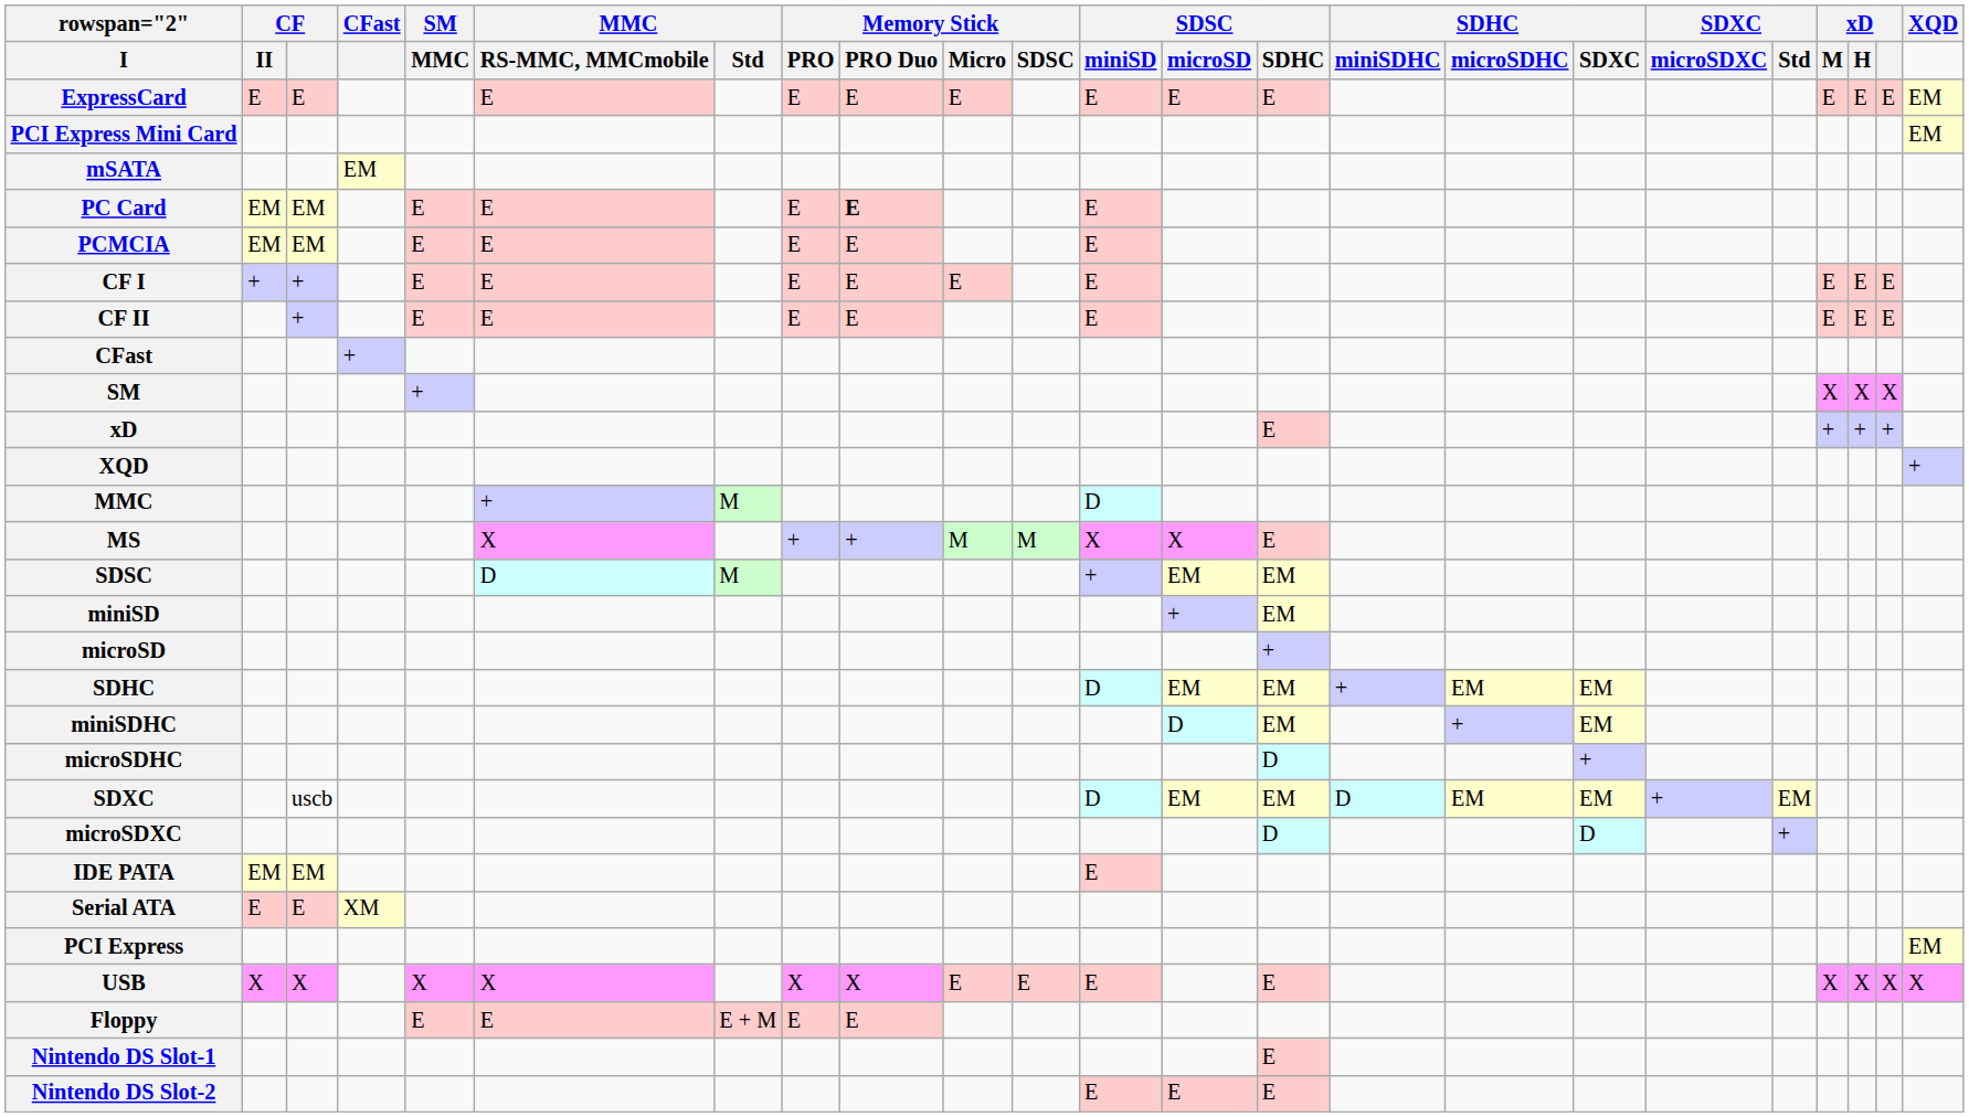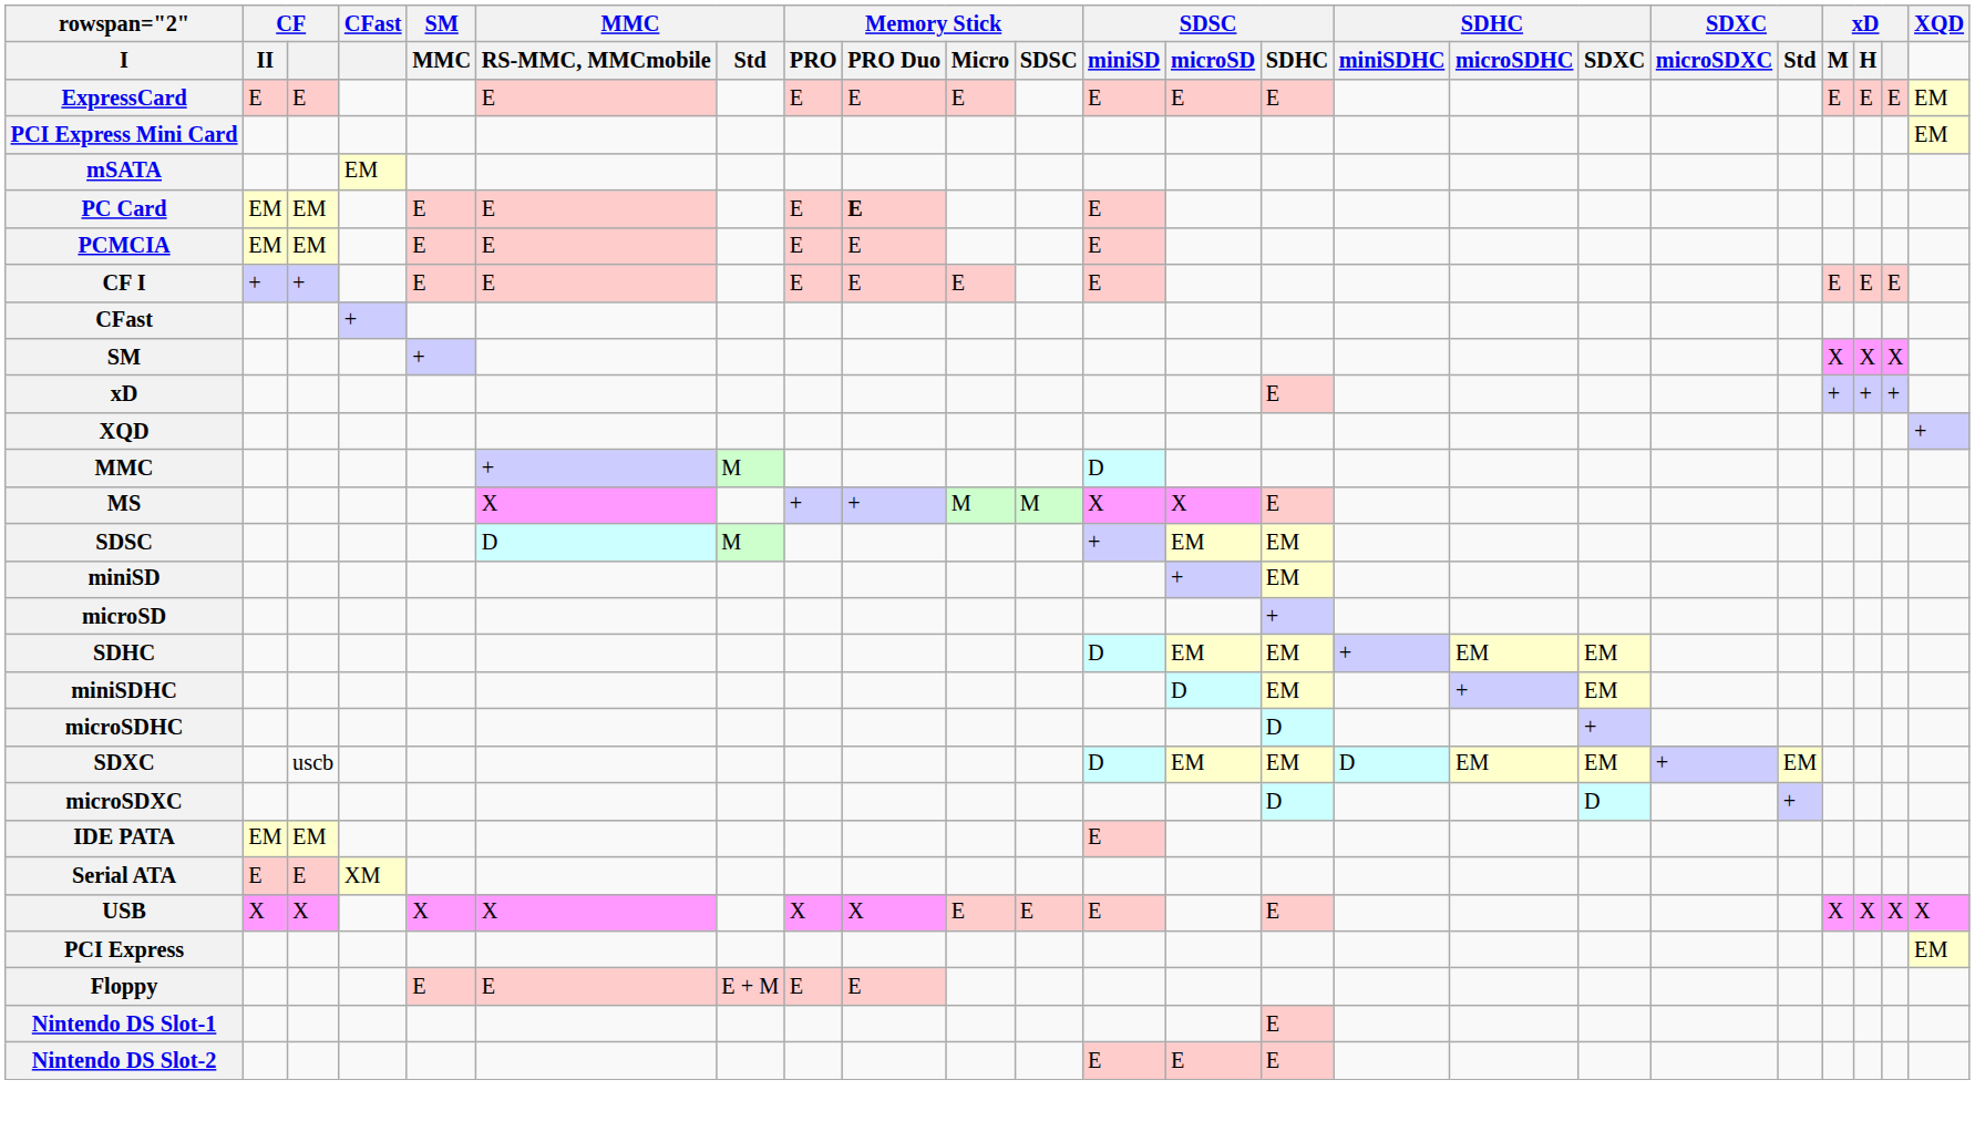 <table class="wikitable" style="font-size: 85%;">
 <tr>
 <th>rowspan="2" </th>
 <th colspan=2><a href='#'>CF</a></th>
 <th><a href='#'>CFast</a></th>
 <th><a href='#'>SM</a></th>
 <th colspan=2><a href='#'>MMC</a></th>
 <th colspan=4><a href='#'>Memory Stick</a></th>
 <th colspan=3><a href='#'>SDSC</a></th>
 <th colspan=3><a href='#'>SDHC</a></th>
 <th colspan=2><a href='#'>SDXC</a></th>
 <th colspan=3><a href='#'>xD</a></th>
 <th><a href='#'>XQD</a></th>
 </tr>
 <tr>
 <th>I</th>
 <th>II</th>
 <th></th>
 <th></th>
 <th>MMC</th>
 <th>RS-MMC, MMCmobile</th>
 <th>Std</th>
 <th>PRO</th>
 <th>PRO Duo</th>
 <th>Micro</th>
 <th>SDSC</th>
 <th><a href='#'>miniSD</a></th>
 <th><a href='#'>microSD</a></th>
 <th>SDHC</th>
 <th><a href='#'>miniSDHC</a></th>
 <th><a href='#'>microSDHC</a></th>
 <th>SDXC</th>
 <th><a href='#'>microSDXC</a></th>
 <th>Std</th>
 <th>M</th>
 <th>H</th>
 <th></th>
 </tr>
 <tr>
 <th><a href='#'>ExpressCard</a></th>
 <td style="background:#fcc;">E</td>
 <td style="background:#fcc;">E</td>
 <td></td>
 <td></td>
 <td style="background:#fcc;">E</td>
 <td></td>
 <td style="background:#fcc;">E</td>
 <td style="background:#fcc;">E</td>
 <td style="background:#fcc;">E</td>
 <td></td>
 <td style="background:#fcc;">E</td>
 <td style="background:#fcc;">E</td>
 <td style="background:#fcc;">E</td>
 <td></td>
 <td></td>
 <td></td>
 <td></td>
 <td></td>
 <td style="background:#fcc;">E</td>
 <td style="background:#fcc;">E</td>
 <td style="background:#fcc;">E</td>
 <td style="background:#ffc;">EM</td>
 </tr>
 <tr>
 <th><a href='#'>PCI Express Mini Card</a></th>
 <td></td>
 <td></td>
 <td></td>
 <td></td>
 <td></td>
 <td></td>
 <td></td>
 <td></td>
 <td></td>
 <td></td>
 <td></td>
 <td></td>
 <td></td>
 <td></td>
 <td></td>
 <td></td>
 <td></td>
 <td></td>
 <td></td>
 <td></td>
 <td></td>
 <td style="background:#ffc;">EM</td>
 </tr>
 <tr>
 <th><a href='#'>mSATA</a></th>
 <td></td>
 <td></td>
 <td style="background:#ffc;">EM</td>
 <td></td>
 <td></td>
 <td></td>
 <td></td>
 <td></td>
 <td></td>
 <td></td>
 <td></td>
 <td></td>
 <td></td>
 <td></td>
 <td></td>
 <td></td>
 <td></td>
 <td></td>
 <td></td>
 <td></td>
 <td></td>
 <td></td>
 </tr>
 <tr>
 <th><a href='#'>PC Card</a></th>
 <td style="background:#ffc;">EM</td>
 <td style="background:#ffc;">EM</td>
 <td></td>
 <td style="background:#fcc;">E </td>
 <td style="background:#fcc;">E</td>
 <td></td>
 <td style="background:#fcc;">E</td>
 <td style="background:#fcc;"><strong>E</strong></td>
 <td></td>
 <td></td>
 <td style="background:#fcc;">E</td>
 <td></td>
 <td></td>
 <td></td>
 <td></td>
 <td></td>
 <td></td>
 <td></td>
 <td></td>
 <td></td>
 <td></td>
 <td></td>
 </tr>
 <tr>
 <th><a href='#'>PCMCIA</a></th>
 <td style="background:#ffc;">EM</td>
 <td style="background:#ffc;">EM</td>
 <td></td>
 <td style="background:#fcc;">E </td>
 <td style="background:#fcc;">E</td>
 <td></td>
 <td style="background:#fcc;">E</td>
 <td style="background:#fcc;">E</td>
 <td></td>
 <td></td>
 <td style="background:#fcc;">E</td>
 <td></td>
 <td></td>
 <td></td>
 <td></td>
 <td></td>
 <td></td>
 <td></td>
 <td></td>
 <td></td>
 <td></td>
 <td></td>
 </tr>
 <tr>
 <th>CF I</th>
 <td style="background:#ccf;">+</td>
 <td style="background:#ccf;">+</td>
 <td></td>
 <td style="background:#fcc;">E</td>
 <td style="background:#fcc;">E</td>
 <td></td>
 <td style="background:#fcc;">E</td>
 <td style="background:#fcc;">E</td>
 <td style="background:#fcc;">E</td>
-<td></td>
-<td style="background:#fcc;">E</td>
-<td></td>
-<td></td>
-<td></td>
-<td></td>
-<td></td>
-<td></td>
-<td></td>
-<td style="background:#fcc;">E</td>
-<td style="background:#fcc;">E</td>
-<td style="background:#fcc;">E</td>
-<td></td>
-</tr>
-<tr>
-<th>CF II</th>
-<td></td>
-<td style="background:#ccf;">+</td>
-<td></td>
-<td style="background:#fcc;">E</td>
-<td style="background:#fcc;">E</td>
-<td></td>
-<td style="background:#fcc;">E</td>
-<td style="background:#fcc;">E</td>
-<td></td>
 <td></td>
 <td style="background:#fcc;">E</td>
 <td></td>
 <td></td>
 <td></td>
 <td></td>
 <td></td>
 <td></td>
 <td></td>
 <td style="background:#fcc;">E</td>
 <td style="background:#fcc;">E</td>
 <td style="background:#fcc;">E</td>
 <td></td>
 </tr>
 <tr>
 <th>CFast</th>
 <td></td>
 <td></td>
 <td style="background:#ccf;">+</td>
 <td></td>
 <td></td>
 <td></td>
 <td></td>
 <td></td>
 <td></td>
 <td></td>
 <td></td>
 <td></td>
 <td></td>
 <td></td>
 <td></td>
 <td></td>
 <td></td>
 <td></td>
 <td></td>
 <td></td>
 <td></td>
 <td></td>
 </tr>
 <tr>
 <th>SM</th>
 <td></td>
 <td></td>
 <td></td>
 <td style="background:#ccf;">+</td>
 <td></td>
 <td></td>
 <td></td>
 <td></td>
 <td></td>
 <td></td>
 <td></td>
 <td></td>
 <td></td>
 <td></td>
 <td></td>
 <td></td>
 <td></td>
 <td></td>
 <td style="background:#f9f;">X</td>
 <td style="background:#f9f;">X</td>
 <td style="background:#f9f;">X</td>
 <td></td>
 </tr>
 <tr>
 <th>xD</th>
 <td></td>
 <td></td>
 <td></td>
 <td></td>
 <td></td>
 <td></td>
 <td></td>
 <td></td>
 <td></td>
 <td></td>
 <td></td>
 <td></td>
 <td style="background:#fcc;">E</td>
 <td></td>
 <td></td>
 <td></td>
 <td></td>
 <td></td>
 <td style="background:#ccf;">+</td>
 <td style="background:#ccf;">+</td>
 <td style="background:#ccf;">+</td>
 <td></td>
 </tr>
 <tr>
 <th>XQD</th>
 <td></td>
 <td></td>
 <td></td>
 <td></td>
 <td></td>
 <td></td>
 <td></td>
 <td></td>
 <td></td>
 <td></td>
 <td></td>
 <td></td>
 <td></td>
 <td></td>
 <td></td>
 <td></td>
 <td></td>
 <td></td>
 <td></td>
 <td></td>
 <td></td>
 <td style="background:#ccf;">+</td>
 </tr>
 <tr>
 <th>MMC</th>
 <td></td>
 <td></td>
 <td></td>
 <td></td>
 <td style="background:#ccf;">+</td>
 <td style="background:#cfc;">M</td>
 <td></td>
 <td></td>
 <td></td>
 <td></td>
 <td style="background:#cff;">D</td>
 <td></td>
 <td></td>
 <td></td>
 <td></td>
 <td></td>
 <td></td>
 <td></td>
 <td></td>
 <td></td>
 <td></td>
 <td></td>
 </tr>
 <tr>
 <th>MS</th>
 <td></td>
 <td></td>
 <td></td>
 <td></td>
 <td style="background:#f9f;">X</td>
 <td></td>
 <td style="background:#ccf;">+</td>
 <td style="background:#ccf;">+</td>
 <td style="background:#cfc;">M</td>
 <td style="background:#cfc;">M</td>
 <td style="background:#f9f;">X</td>
 <td style="background:#f9f;">X</td>
 <td style="background:#fcc;">E</td>
 <td></td>
 <td></td>
 <td></td>
 <td></td>
 <td></td>
 <td></td>
 <td></td>
 <td></td>
 <td></td>
 </tr>
 <tr>
 <th>SDSC</th>
 <td></td>
 <td></td>
 <td></td>
 <td></td>
 <td style="background:#cff;">D</td>
 <td style="background:#cfc;">M</td>
 <td></td>
 <td></td>
 <td></td>
 <td></td>
 <td style="background:#ccf;">+</td>
 <td style="background:#ffc;">EM</td>
 <td style="background:#ffc;">EM</td>
 <td></td>
 <td></td>
 <td></td>
 <td></td>
 <td></td>
 <td></td>
 <td></td>
 <td></td>
 <td></td>
 </tr>
 <tr>
 <th>miniSD</th>
 <td></td>
 <td></td>
 <td></td>
 <td></td>
 <td></td>
 <td></td>
 <td></td>
 <td></td>
 <td></td>
 <td></td>
 <td></td>
 <td style="background:#ccf;">+</td>
 <td style="background:#ffc;">EM</td>
 <td></td>
 <td></td>
 <td></td>
 <td></td>
 <td></td>
 <td></td>
 <td></td>
 <td></td>
 <td></td>
 </tr>
 <tr>
 <th>microSD</th>
 <td></td>
 <td></td>
 <td></td>
 <td></td>
 <td></td>
 <td></td>
 <td></td>
 <td></td>
 <td></td>
 <td></td>
 <td></td>
 <td></td>
 <td style="background:#ccf;">+</td>
 <td></td>
 <td></td>
 <td></td>
 <td></td>
 <td></td>
 <td></td>
 <td></td>
 <td></td>
 <td></td>
 </tr>
 <tr>
 <th>SDHC</th>
 <td></td>
 <td></td>
 <td></td>
 <td></td>
 <td></td>
 <td></td>
 <td></td>
 <td></td>
 <td></td>
 <td></td>
 <td style="background:#cff;">D</td>
 <td style="background:#ffc;">EM</td>
 <td style="background:#ffc;">EM</td>
 <td style="background:#ccf;">+</td>
 <td style="background:#ffc;">EM</td>
 <td style="background:#ffc;">EM</td>
 <td></td>
 <td></td>
 <td></td>
 <td></td>
 <td></td>
 <td></td>
 </tr>
 <tr>
 <th>miniSDHC</th>
 <td></td>
 <td></td>
 <td></td>
 <td></td>
 <td></td>
 <td></td>
 <td></td>
 <td></td>
 <td></td>
 <td></td>
 <td></td>
 <td style="background:#cff;">D</td>
 <td style="background:#ffc;">EM</td>
 <td></td>
 <td style="background:#ccf;">+</td>
 <td style="background:#ffc;">EM</td>
 <td></td>
 <td></td>
 <td></td>
 <td></td>
 <td></td>
 <td></td>
 </tr>
 <tr>
 <th>microSDHC</th>
 <td></td>
 <td></td>
 <td></td>
 <td></td>
 <td></td>
 <td></td>
 <td></td>
 <td></td>
 <td></td>
 <td></td>
 <td></td>
 <td></td>
 <td style="background:#cff;">D</td>
 <td></td>
 <td></td>
 <td style="background:#ccf;">+</td>
 <td></td>
 <td></td>
 <td></td>
 <td></td>
 <td></td>
 <td></td>
 </tr>
 <tr>
 <th>SDXC</th>
 <td></td>
 <td>uscb</td>
 <td></td>
 <td></td>
 <td></td>
 <td></td>
 <td></td>
 <td></td>
 <td></td>
 <td></td>
 <td style="background:#cff;">D</td>
 <td style="background:#ffc;">EM</td>
 <td style="background:#ffc;">EM</td>
 <td style="background:#cff;">D</td>
 <td style="background:#ffc;">EM</td>
 <td style="background:#ffc;">EM</td>
 <td style="background:#ccf;">+</td>
 <td style="background:#ffc;">EM</td>
 <td></td>
 <td></td>
 <td></td>
 <td></td>
 </tr>
 <tr>
 <th>microSDXC</th>
 <td></td>
 <td></td>
 <td></td>
 <td></td>
 <td></td>
 <td></td>
 <td></td>
 <td></td>
 <td></td>
 <td></td>
 <td></td>
 <td></td>
 <td style="background:#cff;">D</td>
 <td></td>
 <td></td>
 <td style="background:#cff;">D</td>
 <td></td>
 <td style="background:#ccf;">+</td>
 <td></td>
 <td></td>
 <td></td>
 <td></td>
 </tr>
 <tr>
 <th>IDE PATA</th>
 <td style="background:#ffc;">EM</td>
 <td style="background:#ffc;">EM</td>
 <td></td>
 <td></td>
 <td></td>
 <td></td>
 <td></td>
 <td></td>
 <td></td>
 <td></td>
 <td style="background:#fcc;">E</td>
 <td></td>
 <td></td>
 <td></td>
 <td></td>
 <td></td>
 <td></td>
 <td></td>
 <td></td>
 <td></td>
 <td></td>
 <td></td>
 </tr>
 <tr>
 <th>Serial ATA</th>
 <td style="background:#fcc;">E</td>
 <td style="background:#fcc;">E</td>
 <td style="background:#ffc;">XM</td>
 <td></td>
 <td></td>
 <td></td>
 <td></td>
 <td></td>
 <td></td>
 <td></td>
 <td></td>
 <td></td>
 <td></td>
 <td></td>
 <td></td>
 <td></td>
 <td></td>
 <td></td>
 <td></td>
 <td></td>
 <td></td>
 <td></td>
 </tr>
 <tr>
+<th>USB</th>
+<td style="background:#f9f;">X</td>
+<td style="background:#f9f;">X</td>
+<td></td>
+<td style="background:#f9f;">X</td>
+<td style="background:#f9f;">X</td>
+<td></td>
+<td style="background:#f9f;">X</td>
+<td style="background:#f9f;">X</td>
+<td style="background:#fcc;">E</td>
+<td style="background:#fcc;">E</td>
+<td style="background:#fcc;">E</td>
+<td></td>
+<td style="background:#fcc;">E</td>
+<td></td>
+<td></td>
+<td></td>
+<td></td>
+<td></td>
+<td style="background:#f9f;">X</td>
+<td style="background:#f9f;">X</td>
+<td style="background:#f9f;">X</td>
+<td style="background:#f9f;">X</td>
+</tr>
+<tr>
 <th>PCI Express</th>
 <td></td>
 <td></td>
 <td></td>
 <td></td>
 <td></td>
 <td></td>
 <td></td>
 <td></td>
 <td></td>
 <td></td>
 <td></td>
 <td></td>
 <td></td>
 <td></td>
 <td></td>
 <td></td>
 <td></td>
 <td></td>
 <td></td>
 <td></td>
 <td></td>
 <td style="background:#ffc;">EM</td>
-</tr>
-<tr>
-<th>USB</th>
-<td style="background:#f9f;">X</td>
-<td style="background:#f9f;">X</td>
-<td></td>
-<td style="background:#f9f;">X</td>
-<td style="background:#f9f;">X</td>
-<td></td>
-<td style="background:#f9f;">X</td>
-<td style="background:#f9f;">X</td>
-<td style="background:#fcc;">E</td>
-<td style="background:#fcc;">E</td>
-<td style="background:#fcc;">E</td>
-<td></td>
-<td style="background:#fcc;">E</td>
-<td></td>
-<td></td>
-<td></td>
-<td></td>
-<td></td>
-<td style="background:#f9f;">X</td>
-<td style="background:#f9f;">X</td>
-<td style="background:#f9f;">X</td>
-<td style="background:#f9f;">X</td>
 </tr>
 <tr>
 <th>Floppy</th>
 <td></td>
 <td></td>
 <td></td>
 <td style="background:#fcc;">E</td>
 <td style="background:#fcc;">E</td>
 <td style="background:#fcc;">E + M</td>
 <td style="background:#fcc;">E</td>
 <td style="background:#fcc;">E</td>
 <td></td>
 <td></td>
 <td></td>
 <td></td>
 <td></td>
 <td></td>
 <td></td>
 <td></td>
 <td></td>
 <td></td>
 <td></td>
 <td></td>
 <td></td>
 </tr>
 <tr>
 <th><a href='#'>Nintendo DS Slot-1</a></th>
 <td></td>
 <td></td>
 <td></td>
 <td></td>
 <td></td>
 <td></td>
 <td></td>
 <td></td>
 <td></td>
 <td></td>
 <td></td>
 <td></td>
 <td style="background:#fcc;">E</td>
 <td></td>
 <td></td>
 <td></td>
 <td></td>
 <td></td>
 <td></td>
 <td></td>
 <td></td>
 <td></td>
 </tr>
 <tr>
 <th><a href='#'>Nintendo DS Slot-2</a></th>
 <td></td>
 <td></td>
 <td></td>
 <td></td>
 <td></td>
 <td></td>
 <td></td>
 <td></td>
 <td></td>
 <td></td>
 <td style="background:#fcc;">E</td>
 <td style="background:#fcc;">E</td>
 <td style="background:#fcc;">E</td>
 <td></td>
 <td></td>
 <td></td>
 <td></td>
 <td></td>
 <td></td>
 <td></td>
 <td></td>
 <td></td>
 </tr>
 </table>
